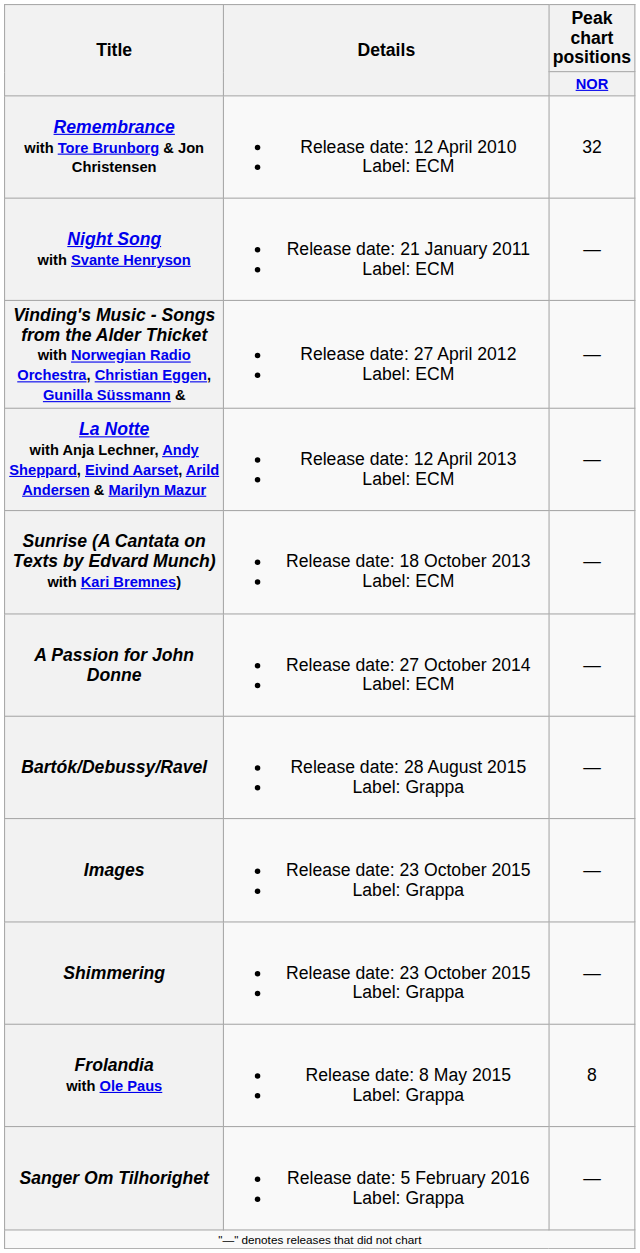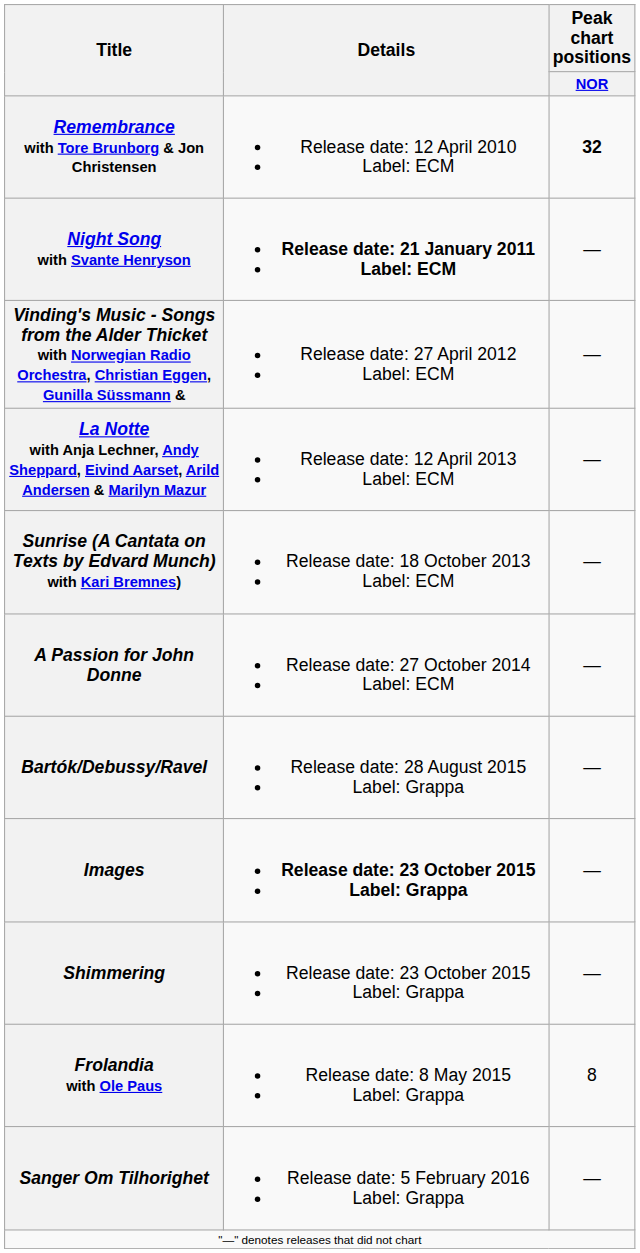 <table class="wikitable plainrowheaders" style="text-align:center;">
 <tr>
 <th rowspan="2" style="width:12em;">Title</th>
 <th rowspan="2" style="width:18em;">Details</th>
 <th>Peak chart positions</th>
 </tr>
 <tr style="font-size:smaller;">
 <th style="width:4em;"><a href='#'>NOR</a><br></th>
 </tr>
 <tr>
 <th scope="row"><em><a href='#'>Remembrance</a></em><br><small> with <a href='#'>Tore Brunborg</a> & Jon Christensen</small></th>
 <td><br><ul><li>Release date: 12 April 2010</li><li>Label: ECM</li></ul></td>
-<td>32</td>
+<td><strong>32</strong></td>
 </tr>
 <tr>
 <th scope="row"><em><a href='#'>Night Song</a></em><br><small> with <a href='#'>Svante Henryson</a></small></th>
-<td><br><ul><li>Release date: 21 January 2011</li><li>Label: ECM</li></ul></td>
+<td><strong><br><ul><li>Release date: 21 January 2011</li><li>Label: ECM</li></ul></strong></td>
 <td>—</td>
 </tr>
 <tr>
 <th scope="row"><em>Vinding's Music - Songs from the Alder Thicket</em> <br><small>with <a href='#'>Norwegian Radio Orchestra</a>, <a href='#'>Christian Eggen</a>, <a href='#'>Gunilla Süssmann</a> & </small></th>
 <td><br><ul><li>Release date: 27 April 2012</li><li>Label: ECM</li></ul></td>
 <td>—</td>
 </tr>
 <tr>
 <th scope="row"><em><a href='#'>La Notte</a></em><br><small> with Anja Lechner, <a href='#'>Andy Sheppard</a>, <a href='#'>Eivind Aarset</a>, <a href='#'>Arild Andersen</a> & <a href='#'>Marilyn Mazur</a></small></th>
 <td><br><ul><li>Release date: 12 April 2013</li><li>Label: ECM</li></ul></td>
 <td>—</td>
 </tr>
 <tr>
 <th scope="row"><em>Sunrise (A Cantata on Texts by Edvard Munch)</em> <br><small>with <a href='#'>Kari Bremnes</a>)</small></th>
 <td><br><ul><li>Release date: 18 October 2013</li><li>Label: ECM</li></ul></td>
 <td>—</td>
 </tr>
 <tr>
 <th scope="row"><em>A Passion for John Donne</em></th>
 <td><br><ul><li>Release date: 27 October 2014</li><li>Label: ECM</li></ul></td>
 <td>—</td>
 </tr>
 <tr>
 <th scope="row"><em>Bartók/Debussy/Ravel</em></th>
 <td><br><ul><li>Release date: 28 August 2015</li><li>Label: Grappa</li></ul></td>
 <td>—</td>
 </tr>
 <tr>
 <th scope="row"><em>Images</em></th>
-<td><br><ul><li>Release date: 23 October 2015</li><li>Label: Grappa</li></ul></td>
+<td><strong><br><ul><li>Release date: 23 October 2015</li><li>Label: Grappa</li></ul></strong></td>
 <td>—</td>
 </tr>
 <tr>
 <th scope="row"><em>Shimmering</em></th>
 <td><br><ul><li>Release date: 23 October 2015</li><li>Label: Grappa</li></ul></td>
 <td>—</td>
 </tr>
 <tr>
 <th scope="row"><em>Frolandia</em><br><small>  with <a href='#'>Ole Paus</a> </small></th>
 <td><br><ul><li>Release date: 8 May 2015</li><li>Label: Grappa</li></ul></td>
 <td>8</td>
 </tr>
 <tr>
 <th scope="row"><em>Sanger Om Tilhorighet</em></th>
 <td><br><ul><li>Release date: 5 February 2016</li><li>Label: Grappa</li></ul></td>
 <td>—</td>
 </tr>
 <tr>
 <td colspan="4" style="font-size:8pt">"—" denotes releases that did not chart</td>
 </tr>
 </table>
